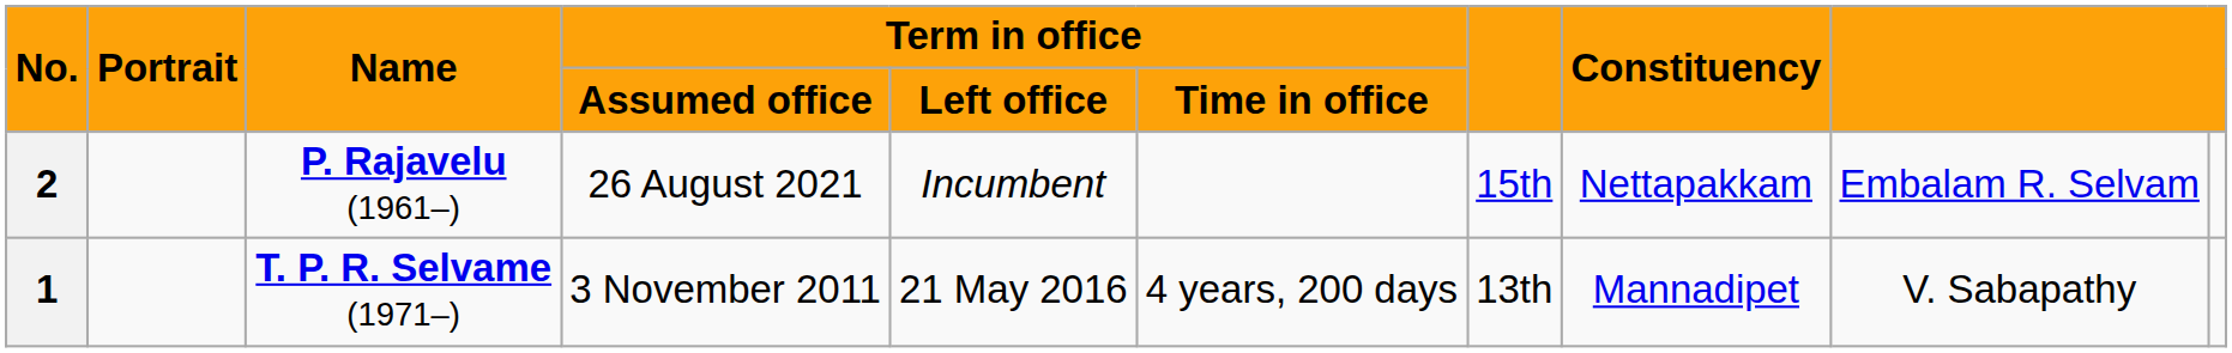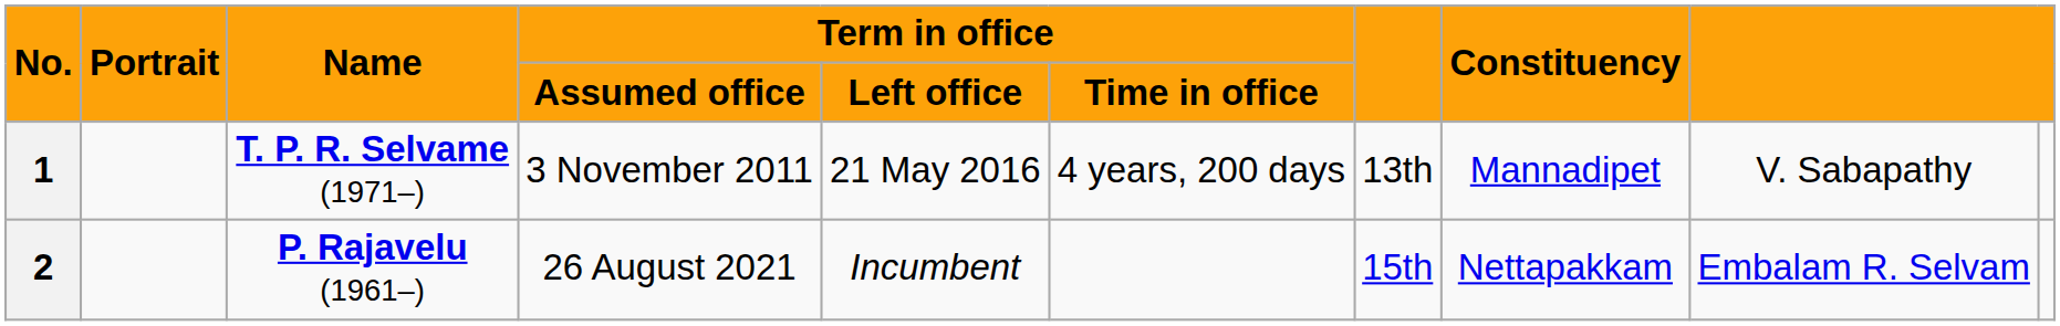 <table class="wikitable sortable" style="text-align:center;">
 <tr>
 <th rowspan=2 style="background-color:#FDA209;color:black">No.</th>
 <th rowspan=2 style="background-color:#FDA209;color:black">Portrait</th>
 <th rowspan=2 style="background-color:#FDA209;color:black">Name<br></th>
 <th colspan=3 style="background-color:#FDA209;color:black">Term in office</th>
 <th rowspan=2 style="background-color:#FDA209;color:black"><a href='#'></a><br></th>
 <th rowspan=2 style="background-color:#FDA209;color:black">Constituency</th>
 <th rowspan=2 colspan=2 style="background-color:#FDA209;color:black"><a href='#'></a></th>
 </tr>
 <tr>
 <th style="background-color:#FDA209;color:black">Assumed office</th>
 <th style="background-color:#FDA209;color:black">Left office</th>
 <th style="background-color:#FDA209;color:black">Time in office</th>
 </tr>
 <tr>
+<th>1</th>
+<td></td>
+<td><strong><a href='#'>T. P. R. Selvame</a></strong><br><small>(1971–)</small></td>
+<td>3 November 2011</td>
+<td>21 May 2016</td>
+<td>4 years, 200 days</td>
+<td>13th<br></td>
+<td><a href='#'>Mannadipet</a></td>
+<td>V. Sabapathy</td>
+<td style="background:"></td>
+</tr>
+<tr>
 <th>2</th>
 <td></td>
 <td><strong><a href='#'>P. Rajavelu</a></strong><br><small>(1961–)</small></td>
 <td>26 August 2021</td>
 <td><em>Incumbent</em></td>
 <td></td>
 <td><a href='#'>15th</a><br></td>
 <td><a href='#'>Nettapakkam</a></td>
 <td><a href='#'>Embalam R. Selvam</a></td>
 <td style="background:"></td>
 </tr>
-<tr>
-<th>1</th>
-<td></td>
-<td><strong><a href='#'>T. P. R. Selvame</a></strong><br><small>(1971–)</small></td>
-<td>3 November 2011</td>
-<td>21 May 2016</td>
-<td>4 years, 200 days</td>
-<td>13th<br></td>
-<td><a href='#'>Mannadipet</a></td>
-<td>V. Sabapathy</td>
-<td style="background:"></td>
-</tr>
 </table>
